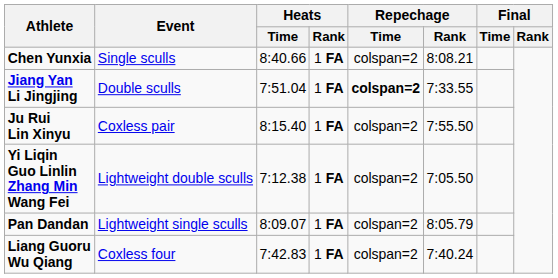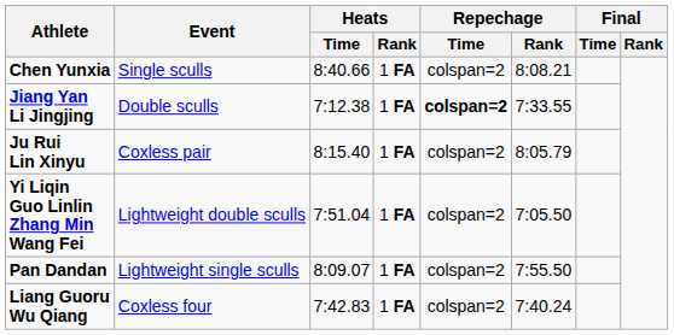 <table class=wikitable style=font-size:90%;text-align:center>
 <tr>
 <th rowspan=2>Athlete</th>
 <th rowspan=2>Event</th>
 <th colspan=2>Heats</th>
 <th colspan=2>Repechage</th>
 <th colspan=2>Final</th>
 </tr>
 <tr style="font-size:95%">
 <th>Time</th>
 <th>Rank</th>
 <th>Time</th>
 <th>Rank</th>
 <th>Time</th>
 <th>Rank</th>
 </tr>
 <tr>
 <td align=left><strong>Chen Yunxia</strong></td>
 <td align=left><a href='#'>Single sculls</a></td>
 <td>8:40.66</td>
 <td>1 <strong>FA</strong></td>
 <td>colspan=2 </td>
 <td>8:08.21</td>
 <td></td>
 </tr>
 <tr>
 <td align=left><strong><a href='#'>Jiang Yan</a><br>Li Jingjing</strong></td>
 <td align=left><a href='#'>Double sculls</a></td>
-<td>7:51.04</td>
+<td>7:12.38</td>
 <td>1 <strong>FA</strong></td>
 <td><strong>colspan=2 </strong></td>
 <td>7:33.55</td>
 <td></td>
 </tr>
 <tr>
 <td align=left><strong>Ju Rui<br>Lin Xinyu</strong></td>
 <td align=left><a href='#'>Coxless pair</a></td>
 <td>8:15.40</td>
 <td>1 <strong>FA</strong></td>
 <td>colspan=2 </td>
-<td>7:55.50</td>
+<td>8:05.79</td>
 <td></td>
 </tr>
 <tr>
 <td align=left><strong>Yi Liqin<br>Guo Linlin<br><a href='#'>Zhang Min</a><br>Wang Fei</strong></td>
 <td align=left><a href='#'>Lightweight double sculls</a></td>
-<td>7:12.38</td>
+<td>7:51.04</td>
 <td>1 <strong>FA</strong></td>
 <td>colspan=2 </td>
 <td>7:05.50</td>
 <td></td>
 </tr>
 <tr>
 <td align=left><strong>Pan Dandan</strong></td>
 <td align=left><a href='#'>Lightweight single sculls</a></td>
 <td>8:09.07</td>
 <td>1 <strong>FA</strong></td>
 <td>colspan=2 </td>
-<td>8:05.79</td>
+<td>7:55.50</td>
 <td></td>
 </tr>
 <tr>
 <td align=left><strong>Liang Guoru<br>Wu Qiang</strong></td>
 <td align=left><a href='#'>Coxless four</a></td>
 <td>7:42.83</td>
 <td>1 <strong>FA</strong></td>
 <td>colspan=2 </td>
 <td>7:40.24</td>
 <td></td>
 </tr>
 </table>
